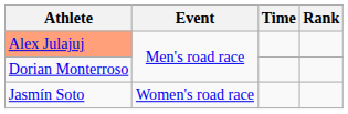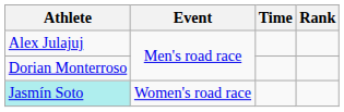 <table class="wikitable" style="font-size:90%">
 <tr>
 <th>Athlete</th>
 <th>Event</th>
 <th>Time</th>
 <th>Rank</th>
 </tr>
 <tr>
-<td style="background: lightsalmon;"><a href='#'>Alex Julajuj</a></td>
+<td><a href='#'>Alex Julajuj</a></td>
 <td align=center rowspan=2><a href='#'>Men's road race</a></td>
 <td></td>
 <td></td>
 </tr>
 <tr>
 <td><a href='#'>Dorian Monterroso</a></td>
 <td></td>
 <td></td>
 </tr>
 <tr>
-<td><a href='#'>Jasmín Soto</a></td>
+<td style="background: paleturquoise;"><a href='#'>Jasmín Soto</a></td>
 <td align=center rowspan=3><a href='#'>Women's road race</a></td>
 <td></td>
 <td></td>
 </tr>
 </table>
